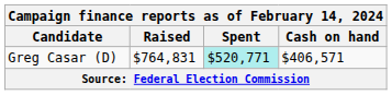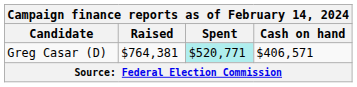 <table class="wikitable sortable">
 <tr>
 <th colspan=4>Campaign finance reports as of February 14, 2024</th>
 </tr>
 <tr style="text-align:center;">
 <th>Candidate</th>
 <th>Raised</th>
 <th>Spent</th>
 <th>Cash on hand</th>
 </tr>
 <tr>
 <td style="color:black;background-color:">Greg Casar (D)</td>
-<td>$764,831</td>
+<td>$764,381</td>
 <td style="background: paleturquoise;">$520,771</td>
 <td>$406,571</td>
 </tr>
 <tr>
 <th colspan="4"><small>Source: <a href='#'>Federal Election Commission</a></small></th>
 </tr>
 </table>
